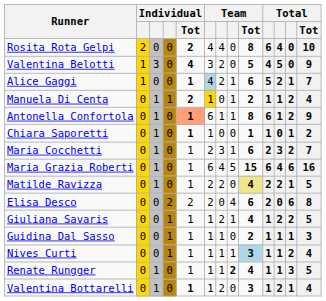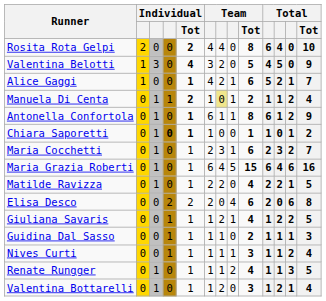 <table class="wikitable" style="text-align:center; font-size:100%">
 <tr>
 <th ROWSPAN=2>Runner</th>
 <th colspan=4>Individual</th>
 <th colspan=4>Team</th>
 <th colspan=4>Total</th>
 </tr>
 <tr>
 <th></th>
 <th></th>
 <th></th>
 <th>Tot</th>
 <th></th>
 <th></th>
 <th></th>
 <th>Tot</th>
 <th></th>
 <th></th>
 <th></th>
 <th>Tot</th>
 </tr>
 <tr>
 <td align=left><a href='#'>Rosita Rota Gelpi</a></td>
 <td bgcolor=#ffd700>2</td>
 <td bgcolor=#c0c0c0>0</td>
 <td bgcolor=#b8860b>0</td>
 <td><strong>2</strong></td>
 <td>4</td>
 <td>4</td>
 <td>0</td>
 <td><strong>8</strong></td>
 <th>6</th>
 <th>4</th>
 <th>0</th>
 <th>10</th>
 </tr>
 <tr>
 <td align=left><a href='#'>Valentina Belotti</a></td>
 <td bgcolor=#ffd700>1</td>
 <td bgcolor=#c0c0c0>3</td>
 <td bgcolor=#b8860b>0</td>
 <td><strong>4</strong></td>
 <td>3</td>
 <td>2</td>
 <td>0</td>
 <td><strong>5</strong></td>
 <th>4</th>
 <th>5</th>
 <th>0</th>
 <th>9</th>
 </tr>
 <tr>
 <td align=left><a href='#'>Alice Gaggi</a></td>
 <td bgcolor=#ffd700>1</td>
 <td bgcolor=#c0c0c0>0</td>
 <td bgcolor=#b8860b>0</td>
 <td><strong>1</strong></td>
-<td style="background: lightblue;">4</td>
+<td>4</td>
 <td>2</td>
 <td>1</td>
 <td><strong>6</strong></td>
 <th>5</th>
 <th>2</th>
 <th>1</th>
 <th>7</th>
 </tr>
 <tr>
 <td align=left><a href='#'>Manuela Di Centa</a></td>
 <td bgcolor=#ffd700>0</td>
 <td bgcolor=#c0c0c0>1</td>
 <td bgcolor=#b8860b>1</td>
 <td><strong>2</strong></td>
-<td style="background: gold;">1</td>
-<td>0</td>
+<td>1</td>
+<td style="background: khaki;">0</td>
 <td>1</td>
 <td><strong>2</strong></td>
 <th>1</th>
 <th>1</th>
 <th>2</th>
 <th>4</th>
 </tr>
 <tr>
 <td align=left><a href='#'>Antonella Confortola</a></td>
 <td bgcolor=#ffd700>0</td>
 <td bgcolor=#c0c0c0>1</td>
 <td bgcolor=#b8860b>0</td>
-<td style="background: lightsalmon;"><strong>1</strong></td>
+<td><strong>1</strong></td>
 <td>6</td>
 <td>1</td>
 <td>1</td>
 <td><strong>8</strong></td>
 <th>6</th>
 <th>1</th>
 <th>2</th>
 <th>9</th>
 </tr>
 <tr>
 <td align=left><a href='#'>Chiara Saporetti</a></td>
 <td bgcolor=#ffd700>0</td>
 <td bgcolor=#c0c0c0>1</td>
-<td bgcolor=#b8860b>0</td>
+<td bgcolor=#b8860b><strong>0</strong></td>
 <td><strong>1</strong></td>
 <td>1</td>
 <td>0</td>
 <td>0</td>
 <td><strong>1</strong></td>
 <th>1</th>
 <th>0</th>
 <th>1</th>
 <th>2</th>
 </tr>
 <tr>
 <td align=left><a href='#'>Maria Cocchetti</a></td>
 <td bgcolor=#ffd700>0</td>
 <td bgcolor=#c0c0c0>1</td>
 <td bgcolor=#b8860b>0</td>
 <td>1</td>
 <td>2</td>
 <td>3</td>
 <td>1</td>
 <td><strong>6</strong></td>
 <th>2</th>
 <th>3</th>
 <th>2</th>
 <th>7</th>
 </tr>
 <tr>
 <td align=left><a href='#'>Maria Grazia Roberti</a></td>
 <td bgcolor=#ffd700>0</td>
 <td bgcolor=#c0c0c0>1</td>
 <td bgcolor=#b8860b>0</td>
 <td>1</td>
 <td>6</td>
 <td>4</td>
 <td>5</td>
 <td><strong>15</strong></td>
 <th>6</th>
 <th>4</th>
 <th>6</th>
 <th>16</th>
 </tr>
 <tr>
 <td align=left><a href='#'>Matilde Ravizza</a></td>
 <td bgcolor=#ffd700>0</td>
 <td bgcolor=#c0c0c0>1</td>
 <td bgcolor=#b8860b>0</td>
 <td>1</td>
 <td>2</td>
 <td>2</td>
 <td>0</td>
-<td style="background: khaki;"><strong>4</strong></td>
+<td><strong>4</strong></td>
 <th>2</th>
 <th>2</th>
 <th>1</th>
 <th>5</th>
 </tr>
 <tr>
 <td align=left><a href='#'>Elisa Desco</a></td>
 <td bgcolor=#ffd700>0</td>
 <td bgcolor=#c0c0c0>0</td>
 <td bgcolor=#b8860b>2</td>
 <td>2</td>
 <td>2</td>
 <td>0</td>
 <td>4</td>
 <td><strong>6</strong></td>
 <th>2</th>
 <th>0</th>
 <th>6</th>
 <th>8</th>
 </tr>
 <tr>
 <td align=left><a href='#'>Giuliana Savaris</a></td>
 <td bgcolor=#ffd700>0</td>
 <td bgcolor=#c0c0c0>0</td>
 <td bgcolor=#b8860b>1</td>
 <td>1</td>
 <td>1</td>
 <td>2</td>
 <td>1</td>
 <td><strong>4</strong></td>
 <th>1</th>
 <th>2</th>
 <th>2</th>
 <th>5</th>
 </tr>
 <tr>
 <td align=left><a href='#'>Guidina Dal Sasso</a></td>
 <td bgcolor=#ffd700>0</td>
 <td bgcolor=#c0c0c0>0</td>
 <td bgcolor=#b8860b>1</td>
 <td>1</td>
 <td>1</td>
 <td>1</td>
 <td>0</td>
 <td><strong>2</strong></td>
 <th>1</th>
 <th>1</th>
 <th>1</th>
 <th>3</th>
 </tr>
 <tr>
 <td align=left><a href='#'>Nives Curti</a></td>
 <td bgcolor=#ffd700>0</td>
 <td bgcolor=#c0c0c0>0</td>
 <td bgcolor=#b8860b>1</td>
 <td>1</td>
 <td>1</td>
 <td>1</td>
 <td>1</td>
-<td style="background: lightblue;"><strong>3</strong></td>
+<td><strong>3</strong></td>
 <th>1</th>
 <th>1</th>
 <th>2</th>
 <th>4</th>
 </tr>
 <tr>
 <td align=left><a href='#'>Renate Rungger</a></td>
 <td bgcolor=#ffd700>0</td>
 <td bgcolor=#c0c0c0>1</td>
 <td bgcolor=#b8860b>0</td>
 <td>1</td>
 <td>1</td>
 <td>1</td>
-<td><strong>2</strong></td>
+<td>2</td>
 <td><strong>4</strong></td>
 <th>1</th>
 <th>1</th>
 <th>3</th>
 <th>5</th>
 </tr>
 <tr>
 <td align=left><a href='#'>Valentina Bottarelli</a></td>
 <td bgcolor=#ffd700>0</td>
 <td bgcolor=#c0c0c0>1</td>
 <td bgcolor=#b8860b>0</td>
-<td><strong>1</strong></td>
+<td>1</td>
 <td>1</td>
 <td>2</td>
 <td>0</td>
 <td><strong>3</strong></td>
 <th>1</th>
 <th>2</th>
 <th>1</th>
 <th>4</th>
 </tr>
 </table>
